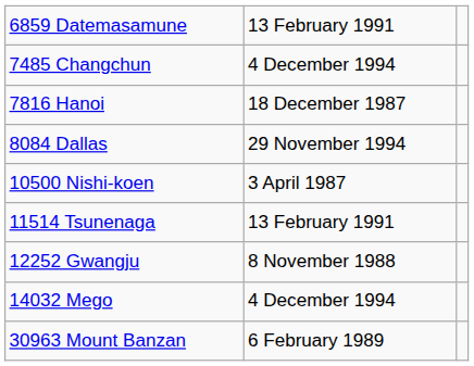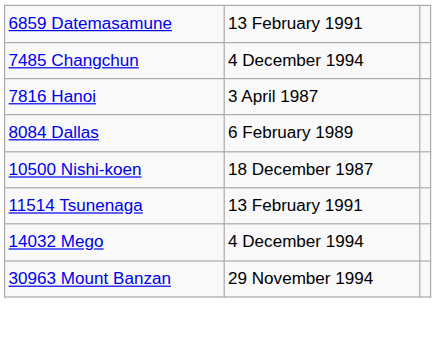 <table class="wikitable" style="font-size: 89%; float: left; width: 25em; margin-right: 1em; line-height: 1.65em !important; height: 244px;">
 <tr>
 <td><a href='#'>6859 Datemasamune</a></td>
 <td>13 February 1991</td>
 <td></td>
 </tr>
 <tr>
 <td><a href='#'>7485 Changchun</a></td>
 <td>4 December 1994</td>
 <td></td>
 </tr>
 <tr>
 <td><a href='#'>7816 Hanoi</a></td>
-<td>18 December 1987</td>
+<td>3 April 1987</td>
 <td></td>
 </tr>
 <tr>
 <td><a href='#'>8084 Dallas</a></td>
-<td>29 November 1994</td>
+<td>6 February 1989</td>
 <td></td>
 </tr>
 <tr>
 <td><a href='#'>10500 Nishi-koen</a></td>
-<td>3 April 1987</td>
+<td>18 December 1987</td>
 <td></td>
 </tr>
 <tr>
 <td><a href='#'>11514 Tsunenaga</a></td>
 <td>13 February 1991</td>
-<td></td>
-</tr>
-<tr>
-<td><a href='#'>12252 Gwangju</a></td>
-<td>8 November 1988</td>
 <td></td>
 </tr>
 <tr>
 <td><a href='#'>14032 Mego</a></td>
 <td>4 December 1994</td>
 <td></td>
 </tr>
 <tr>
 <td><a href='#'>30963 Mount Banzan</a></td>
-<td>6 February 1989</td>
+<td>29 November 1994</td>
 <td></td>
 </tr>
 </table>
